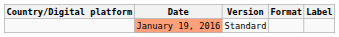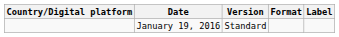 <table class="wikitable">
 <tr>
 <th>Country/Digital platform</th>
 <th>Date</th>
 <th>Version</th>
 <th>Format</th>
 <th>Label</th>
 </tr>
 <tr>
 <td></td>
-<td style="background: lightsalmon;">January 19, 2016</td>
+<td>January 19, 2016</td>
 <td rowspan="2">Standard</td>
 <td></td>
 <td></td>
 </tr>
 </table>
